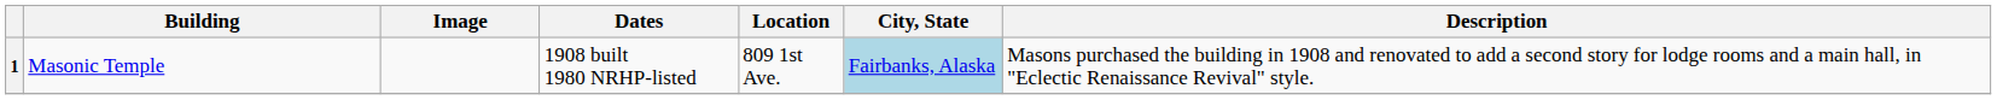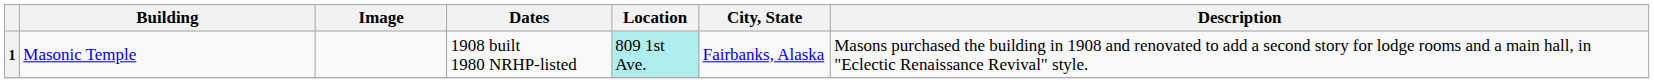 <table class="wikitable sortable" style="width:98%">
 <tr>
 <th></th>
 <th width = 18%><strong>Building</strong></th>
 <th width = 8% class="unsortable"><strong>Image</strong></th>
 <th width = 10%><strong>Dates</strong></th>
 <th><strong>Location</strong></th>
 <th width = 8%><strong>City, State</strong></th>
 <th class="unsortable"><strong>Description</strong></th>
 </tr>
 <tr ->
 <th><small>1</small></th>
 <td><a href='#'>Masonic Temple</a></td>
 <td></td>
 <td>1908 built<br>1980 NRHP-listed</td>
-<td>809 1st Ave.<br><small></small></td>
-<td style="background: lightblue;"><a href='#'>Fairbanks, Alaska</a></td>
+<td style="background: paleturquoise;">809 1st Ave.<br><small></small></td>
+<td><a href='#'>Fairbanks, Alaska</a></td>
 <td>Masons purchased the building in 1908 and renovated to add a second story for lodge rooms and a main hall, in "Eclectic Renaissance Revival" style.</td>
 </tr>
 <tr ->
 </tr>
 </table>
